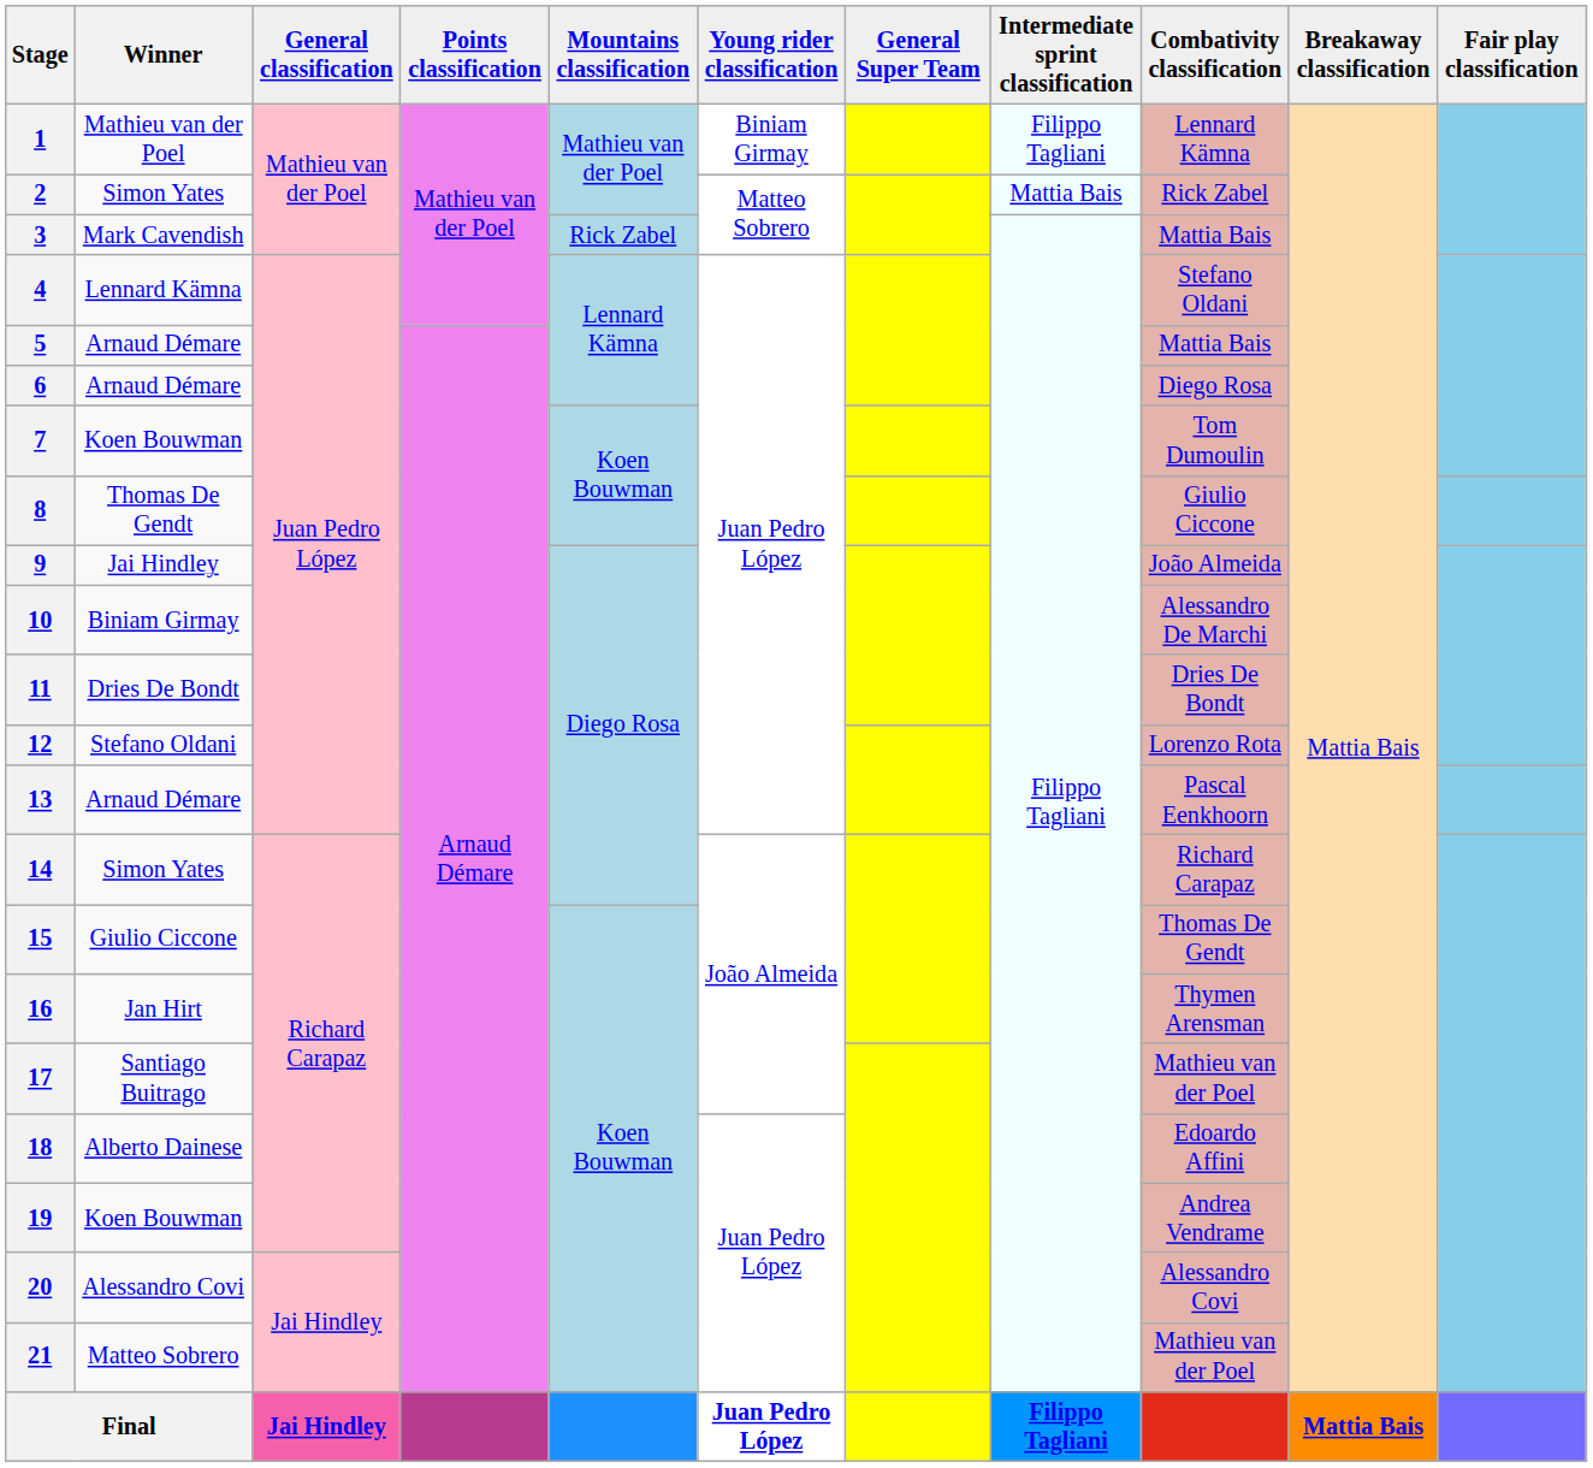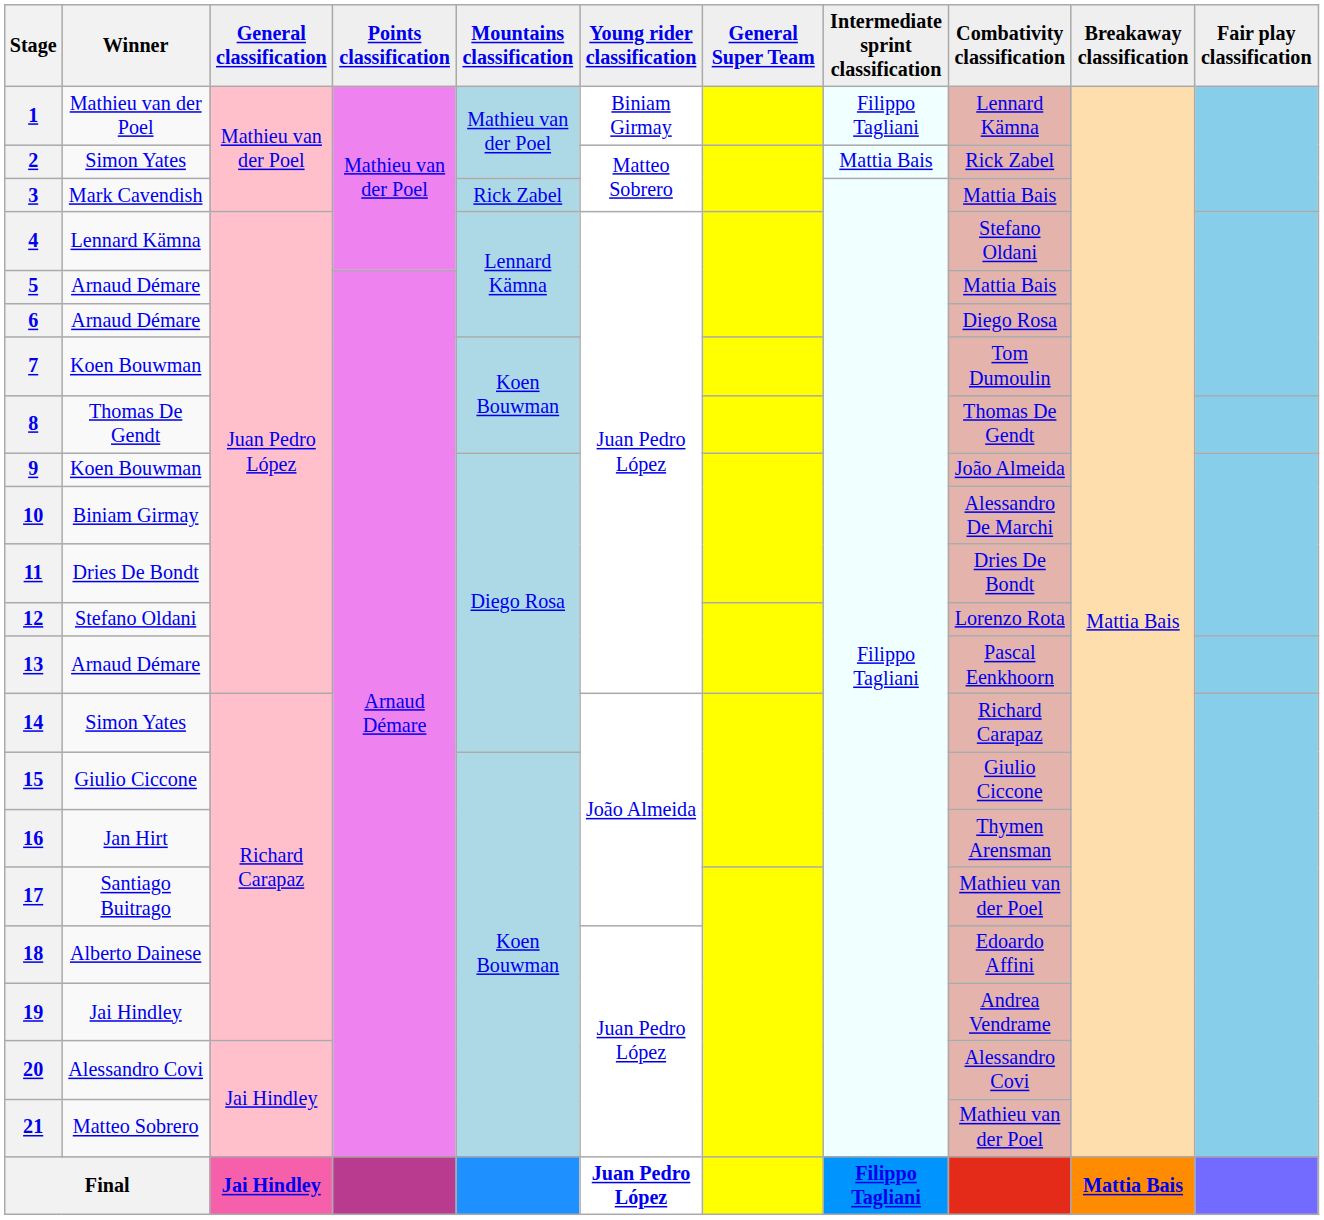 <table class="wikitable" style="text-align: center; font-size:smaller;">
 <tr style="background:#efefef;">
 <th style="width:1%;">Stage</th>
 <th style="width:11%;">Winner</th>
 <th style="background:#efefef; width:9%;"><a href='#'>General classification</a><br></th>
 <th style="background:#efefef; width:9%;"><a href='#'>Points classification</a><br></th>
 <th style="background:#efefef; width:9%;"><a href='#'>Mountains classification</a><br></th>
 <th style="background:#efefef; width:9%;"><a href='#'>Young rider classification</a><br></th>
 <th style="background:#efefef; width:9%;"><a href='#'>General Super Team</a></th>
 <th style="background:#efefef; width:9%;">Intermediate sprint classification</th>
 <th style="background:#efefef; width:9%;">Combativity classification<br></th>
 <th style="background:#efefef; width:9%;">Breakaway classification</th>
 <th style="background:#efefef; width:9%;">Fair play classification</th>
 </tr>
 <tr>
 <th><a href='#'>1</a></th>
 <td><a href='#'>Mathieu van der Poel</a></td>
 <td style="background:pink;" rowspan="3"><a href='#'>Mathieu van der Poel</a></td>
 <td style="background:violet;" rowspan="4"><a href='#'>Mathieu van der Poel</a></td>
 <td style="background:lightblue;" rowspan="2"><a href='#'>Mathieu van der Poel</a></td>
 <td style="background:white;"><a href='#'>Biniam Girmay</a></td>
 <td style="background:#FFFF00;"></td>
 <td style="background:azure;"><a href='#'>Filippo Tagliani</a></td>
 <td style="background:#E4B3AB;"><a href='#'>Lennard Kämna</a></td>
 <td style="background:navajowhite;" rowspan="21"><a href='#'>Mattia Bais</a></td>
 <td style="background:skyblue;" rowspan="3"></td>
 </tr>
 <tr>
 <th><a href='#'>2</a></th>
 <td><a href='#'>Simon Yates</a></td>
 <td style="background:white;" rowspan="2"><a href='#'>Matteo Sobrero</a></td>
 <td style="background:#FFFF00;" rowspan="2"></td>
 <td style="background:azure;"><a href='#'>Mattia Bais</a></td>
 <td style="background:#E4B3AB;"><a href='#'>Rick Zabel</a></td>
 </tr>
 <tr>
 <th><a href='#'>3</a></th>
 <td><a href='#'>Mark Cavendish</a></td>
 <td style="background:lightblue;"><a href='#'>Rick Zabel</a></td>
 <td style="background:azure;" rowspan="19"><a href='#'>Filippo Tagliani</a></td>
 <td style="background:#E4B3AB;"><a href='#'>Mattia Bais</a></td>
 </tr>
 <tr>
 <th><a href='#'>4</a></th>
 <td><a href='#'>Lennard Kämna</a></td>
 <td style="background:pink;" rowspan="10"><a href='#'>Juan Pedro López</a></td>
 <td style="background:lightblue;" rowspan="3"><a href='#'>Lennard Kämna</a></td>
 <td style="background:white;" rowspan="10"><a href='#'>Juan Pedro López</a></td>
 <td style="background:#FFFF00;" rowspan="3"></td>
 <td style="background:#E4B3AB;"><a href='#'>Stefano Oldani</a></td>
 <td style="background:skyblue;" rowspan="4"></td>
 </tr>
 <tr>
 <th><a href='#'>5</a></th>
 <td><a href='#'>Arnaud Démare</a></td>
 <td style="background:violet;" rowspan="17"><a href='#'>Arnaud Démare</a></td>
 <td style="background:#E4B3AB;"><a href='#'>Mattia Bais</a></td>
 </tr>
 <tr>
 <th><a href='#'>6</a></th>
 <td><a href='#'>Arnaud Démare</a></td>
 <td style="background:#E4B3AB;"><a href='#'>Diego Rosa</a></td>
 </tr>
 <tr>
 <th><a href='#'>7</a></th>
 <td><a href='#'>Koen Bouwman</a></td>
 <td style="background:lightblue;" rowspan="2"><a href='#'>Koen Bouwman</a></td>
 <td style="background:#FFFF00;"></td>
 <td style="background:#E4B3AB;"><a href='#'>Tom Dumoulin</a></td>
 </tr>
 <tr>
 <th><a href='#'>8</a></th>
 <td><a href='#'>Thomas De Gendt</a></td>
 <td style="background:#FFFF00;"></td>
-<td style="background:#E4B3AB;"><a href='#'>Giulio Ciccone</a></td>
+<td style="background:#E4B3AB;"><a href='#'>Thomas De Gendt</a></td>
 <td style="background:skyblue;"></td>
 </tr>
 <tr>
 <th><a href='#'>9</a></th>
-<td><a href='#'>Jai Hindley</a></td>
+<td><a href='#'>Koen Bouwman</a></td>
 <td style="background:lightblue;" rowspan="6"><a href='#'>Diego Rosa</a></td>
 <td style="background:#FFFF00;" rowspan="3"></td>
 <td style="background:#E4B3AB;"><a href='#'>João Almeida</a></td>
 <td style="background:skyblue;" rowspan="4"></td>
 </tr>
 <tr>
 <th><a href='#'>10</a></th>
 <td><a href='#'>Biniam Girmay</a></td>
 <td style="background:#E4B3AB;"><a href='#'>Alessandro De Marchi</a></td>
 </tr>
 <tr>
 <th><a href='#'>11</a></th>
 <td><a href='#'>Dries De Bondt</a></td>
 <td style="background:#E4B3AB;"><a href='#'>Dries De Bondt</a></td>
 </tr>
 <tr>
 <th><a href='#'>12</a></th>
 <td><a href='#'>Stefano Oldani</a></td>
 <td style="background:#FFFF00;" rowspan="2"></td>
 <td style="background:#E4B3AB;"><a href='#'>Lorenzo Rota</a></td>
 </tr>
 <tr>
 <th><a href='#'>13</a></th>
 <td><a href='#'>Arnaud Démare</a></td>
 <td style="background:#E4B3AB;"><a href='#'>Pascal Eenkhoorn</a></td>
 <td style="background:skyblue;"></td>
 </tr>
 <tr>
 <th><a href='#'>14</a></th>
 <td><a href='#'>Simon Yates</a></td>
 <td style="background:pink;" rowspan="6"><a href='#'>Richard Carapaz</a></td>
 <td style="background:white;" rowspan="4"><a href='#'>João Almeida</a></td>
 <td style="background:#FFFF00;" rowspan="3"></td>
 <td style="background:#E4B3AB;"><a href='#'>Richard Carapaz</a></td>
 <td style="background:skyblue;" rowspan="8"></td>
 </tr>
 <tr>
 <th><a href='#'>15</a></th>
 <td><a href='#'>Giulio Ciccone</a></td>
 <td style="background:lightblue;" rowspan="7"><a href='#'>Koen Bouwman</a></td>
-<td style="background:#E4B3AB;"><a href='#'>Thomas De Gendt</a></td>
+<td style="background:#E4B3AB;"><a href='#'>Giulio Ciccone</a></td>
 </tr>
 <tr>
 <th><a href='#'>16</a></th>
 <td><a href='#'>Jan Hirt</a></td>
 <td style="background:#E4B3AB;"><a href='#'>Thymen Arensman</a></td>
 </tr>
 <tr>
 <th><a href='#'>17</a></th>
 <td><a href='#'>Santiago Buitrago</a></td>
 <td style="background:#FFFF00;" rowspan="5"></td>
 <td style="background:#E4B3AB;"><a href='#'>Mathieu van der Poel</a></td>
 </tr>
 <tr>
 <th><a href='#'>18</a></th>
 <td><a href='#'>Alberto Dainese</a></td>
 <td style="background:white;" rowspan="4"><a href='#'>Juan Pedro López</a></td>
 <td style="background:#E4B3AB;"><a href='#'>Edoardo Affini</a></td>
 </tr>
 <tr>
 <th><a href='#'>19</a></th>
-<td><a href='#'>Koen Bouwman</a></td>
+<td><a href='#'>Jai Hindley</a></td>
 <td style="background:#E4B3AB;"><a href='#'>Andrea Vendrame</a></td>
 </tr>
 <tr>
 <th><a href='#'>20</a></th>
 <td><a href='#'>Alessandro Covi</a></td>
 <td style="background:pink;" rowspan="2"><a href='#'>Jai Hindley</a></td>
 <td style="background:#E4B3AB;"><a href='#'>Alessandro Covi</a></td>
 </tr>
 <tr>
 <th><a href='#'>21</a></th>
 <td><a href='#'>Matteo Sobrero</a></td>
 <td style="background:#E4B3AB;"><a href='#'>Mathieu van der Poel</a></td>
 </tr>
 <tr>
 <th colspan="2">Final</th>
 <th style="background:#F660AB;"><a href='#'>Jai Hindley</a></th>
 <th style="background:#B93B8F;"></th>
 <th style="background:dodgerblue;"></th>
 <th style="background:white;"><a href='#'>Juan Pedro López</a></th>
 <th style="background:yellow;"></th>
 <th style="background:#0094FF"><a href='#'>Filippo Tagliani</a></th>
 <th style="background:#E42A19;"></th>
 <th style="background:#FF8C00;"><a href='#'>Mattia Bais</a></th>
 <th style="background:#736aff;"></th>
 </tr>
 </table>
